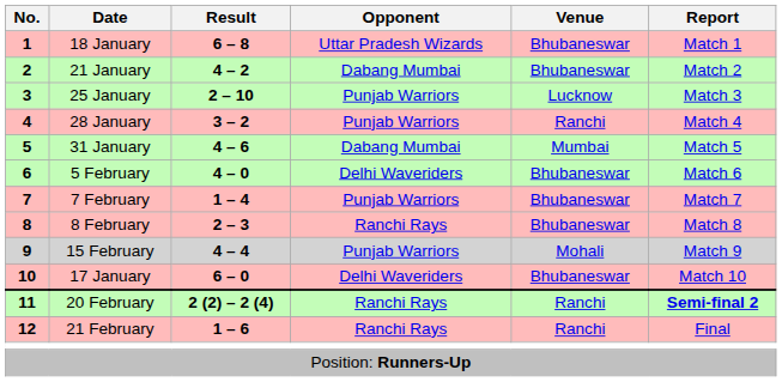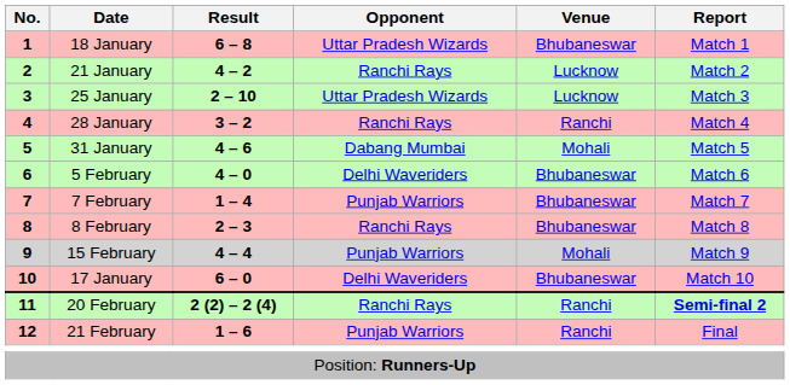 <table class=wikitable style="width:60%;text-align:center; border:none">
 <tr>
 <th>No.</th>
 <th>Date</th>
 <th>Result</th>
 <th>Opponent</th>
 <th>Venue</th>
 <th>Report</th>
 </tr>
 <tr style="background:#fbb;">
 <td><strong>1</strong></td>
 <td>18 January</td>
 <td><strong>6 – 8</strong></td>
 <td><a href='#'>Uttar Pradesh Wizards</a></td>
 <td><a href='#'>Bhubaneswar</a></td>
 <td><a href='#'>Match 1</a></td>
 </tr>
 <tr style="background:#c3fdb8;">
 <td><strong>2</strong></td>
 <td>21 January</td>
 <td><strong>4 – 2</strong></td>
-<td><a href='#'>Dabang Mumbai</a></td>
-<td><a href='#'>Bhubaneswar</a></td>
+<td><a href='#'>Ranchi Rays</a></td>
+<td><a href='#'>Lucknow</a></td>
 <td><a href='#'>Match 2</a></td>
 </tr>
 <tr style="background:#c3fdb8;">
 <td><strong>3</strong></td>
 <td>25 January</td>
 <td><strong>2 – 10</strong></td>
-<td><a href='#'>Punjab Warriors</a></td>
+<td><a href='#'>Uttar Pradesh Wizards</a></td>
 <td><a href='#'>Lucknow</a></td>
 <td><a href='#'>Match 3</a></td>
 </tr>
 <tr style="background:#fbb;">
 <td><strong>4</strong></td>
 <td>28 January</td>
 <td><strong>3 – 2</strong></td>
-<td><a href='#'>Punjab Warriors</a></td>
+<td><a href='#'>Ranchi Rays</a></td>
 <td><a href='#'>Ranchi</a></td>
 <td><a href='#'>Match 4</a></td>
 </tr>
 <tr style="background:#c3fdb8;">
 <td><strong>5</strong></td>
 <td>31 January</td>
 <td><strong>4 – 6</strong></td>
 <td><a href='#'>Dabang Mumbai</a></td>
-<td><a href='#'>Mumbai</a></td>
+<td><a href='#'>Mohali</a></td>
 <td><a href='#'>Match 5</a></td>
 </tr>
 <tr style="background:#c3fdb8;">
 <td><strong>6</strong></td>
 <td>5 February</td>
 <td><strong>4 – 0</strong></td>
 <td><a href='#'>Delhi Waveriders</a></td>
 <td><a href='#'>Bhubaneswar</a></td>
 <td><a href='#'>Match 6</a></td>
 </tr>
 <tr style="background:#fbb;">
 <td><strong>7</strong></td>
 <td>7 February</td>
 <td><strong>1 – 4</strong></td>
 <td><a href='#'>Punjab Warriors</a></td>
 <td><a href='#'>Bhubaneswar</a></td>
 <td><a href='#'>Match 7</a></td>
 </tr>
 <tr style="background:#fbb;">
 <td><strong>8</strong></td>
 <td>8 February</td>
 <td><strong>2 – 3</strong></td>
 <td><a href='#'>Ranchi Rays</a></td>
 <td><a href='#'>Bhubaneswar</a></td>
 <td><a href='#'>Match 8</a></td>
 </tr>
 <tr style="background:#d3d3d3;">
 <td><strong>9</strong></td>
 <td>15 February</td>
 <td><strong>4 – 4</strong></td>
 <td><a href='#'>Punjab Warriors</a></td>
 <td><a href='#'>Mohali</a></td>
 <td><a href='#'>Match 9</a></td>
 </tr>
 <tr style="background:#fbb;">
 <td><strong>10</strong></td>
 <td>17 January</td>
 <td><strong>6 – 0</strong></td>
 <td><a href='#'>Delhi Waveriders</a></td>
 <td><a href='#'>Bhubaneswar</a></td>
 <td><a href='#'>Match 10</a></td>
 </tr>
 <tr style="border-top:2px solid black;background:#c3fdb8;">
 <td><strong>11</strong></td>
 <td>20 February</td>
 <td><strong>2 (2) – 2 (4)</strong></td>
 <td><a href='#'>Ranchi Rays</a></td>
 <td><a href='#'>Ranchi</a></td>
 <td><strong><a href='#'>Semi-final 2</a></strong></td>
 </tr>
 <tr style="background:#fbb;">
 <td><strong>12</strong></td>
 <td>21 February</td>
 <td><strong>1 – 6</strong></td>
-<td><a href='#'>Ranchi Rays</a></td>
+<td><a href='#'>Punjab Warriors</a></td>
 <td><a href='#'>Ranchi</a></td>
 <td><a href='#'>Final</a></td>
 </tr>
 <tr>
 <td colspan="6" style="background:#ffffff; border:none"></td>
 </tr>
 <tr>
 <td colspan="6" style="background:Silver;">Position: <strong>Runners-Up</strong></td>
 </tr>
 </table>
